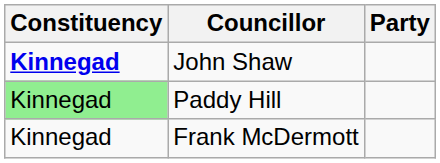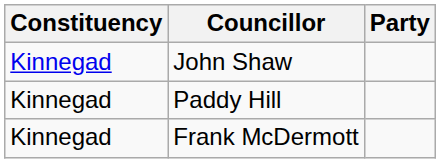 <table class="wikitable">
 <tr>
 <th>Constituency</th>
 <th>Councillor</th>
 <th colspan="2">Party</th>
 </tr>
 <tr>
-<td><strong><a href='#'>Kinnegad</a></strong></td>
+<td><a href='#'>Kinnegad</a></td>
 <td>John Shaw</td>
 <td></td>
 </tr>
 <tr>
-<td style="background: lightgreen;">Kinnegad</td>
+<td>Kinnegad</td>
 <td>Paddy Hill</td>
 <td></td>
 </tr>
 <tr>
 <td>Kinnegad</td>
 <td>Frank McDermott</td>
 <td></td>
 </tr>
 </table>
